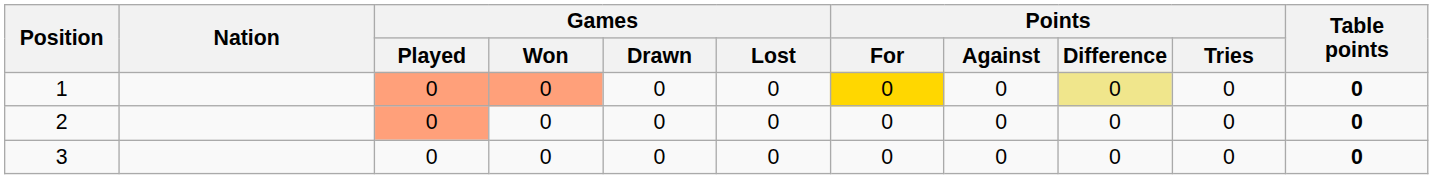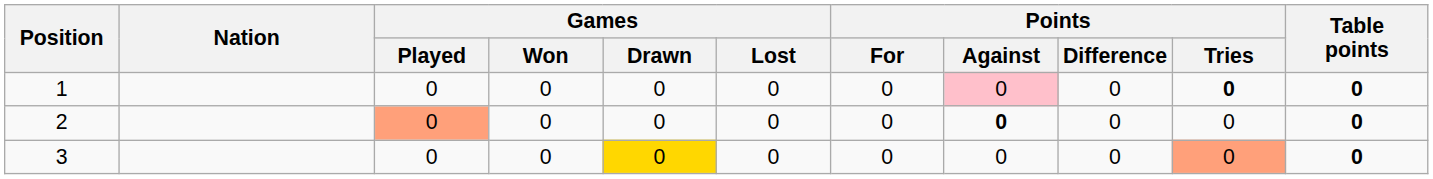 <table class="wikitable" style="text-align: center;">
 <tr>
 <th rowspan=2 width="8%">Position</th>
 <th rowspan=2 width="18%">Nation</th>
 <th colspan=4 width="32%">Games</th>
 <th colspan=4 width="32%">Points</th>
 <th rowspan=2 width="10%">Table<br>points</th>
 </tr>
 <tr>
 <th width="8%">Played</th>
 <th width="8%">Won</th>
 <th width="8%">Drawn</th>
 <th width="8%">Lost</th>
 <th width="8%">For</th>
 <th width="8%">Against</th>
 <th width="8%">Difference</th>
 <th width="8%">Tries</th>
 </tr>
 <tr>
 <td>1</td>
 <td align=left></td>
-<td style="background: lightsalmon;">0</td>
-<td style="background: lightsalmon;">0</td>
 <td>0</td>
 <td>0</td>
-<td style="background: gold;">0</td>
 <td>0</td>
-<td style="background: khaki;">0</td>
 <td>0</td>
+<td>0</td>
+<td style="background: pink;">0</td>
+<td>0</td>
+<td><strong>0</strong></td>
 <td><strong>0</strong></td>
 </tr>
 <tr>
 <td>2</td>
 <td align=left></td>
 <td style="background: lightsalmon;">0</td>
 <td>0</td>
 <td>0</td>
 <td>0</td>
 <td>0</td>
-<td>0</td>
+<td><strong>0</strong></td>
 <td>0</td>
 <td>0</td>
 <td><strong>0</strong></td>
 </tr>
 <tr>
 <td>3</td>
 <td align=left></td>
 <td>0</td>
 <td>0</td>
+<td style="background: gold;">0</td>
 <td>0</td>
 <td>0</td>
 <td>0</td>
 <td>0</td>
-<td>0</td>
-<td>0</td>
+<td style="background: lightsalmon;">0</td>
 <td><strong>0</strong></td>
 </tr>
 </table>
